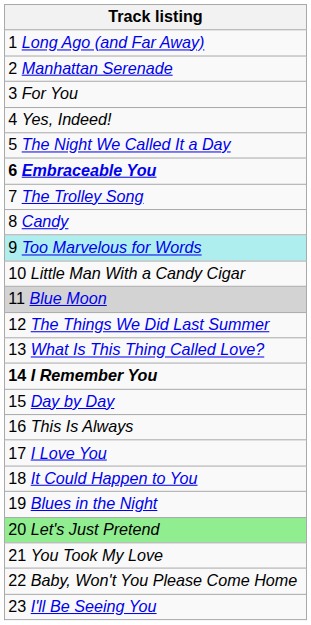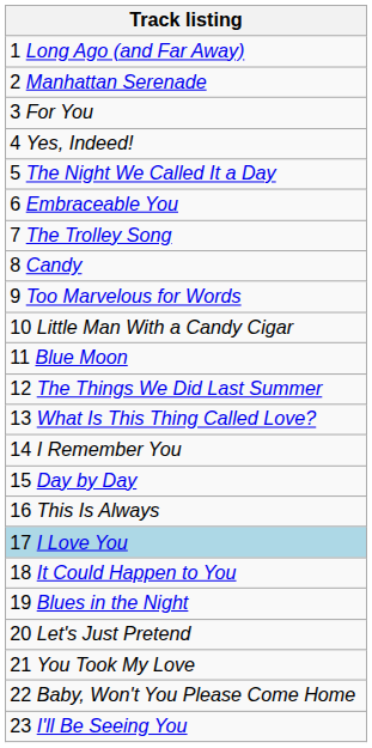 <table class="wikitable collapsible collapsed" style="width:300px;">
 <tr>
 <th>Track listing</th>
 </tr>
 <tr>
 <td>1 <em><a href='#'>Long Ago (and Far Away)</a></em></td>
 </tr>
 <tr>
 <td>2 <em><a href='#'>Manhattan Serenade</a></em></td>
 </tr>
 <tr>
 <td>3 <em>For You</em></td>
 </tr>
 <tr>
 <td>4 <em>Yes, Indeed!</em></td>
 </tr>
 <tr>
 <td>5 <em><a href='#'>The Night We Called It a Day</a></em></td>
 </tr>
 <tr>
-<td><strong>6 <em><a href='#'>Embraceable You</a></em></strong></td>
+<td>6 <em><a href='#'>Embraceable You</a></em></td>
 </tr>
 <tr>
 <td>7 <em><a href='#'>The Trolley Song</a></em></td>
 </tr>
 <tr>
 <td>8 <em><a href='#'>Candy</a></em></td>
 </tr>
 <tr>
-<td style="background: paleturquoise;">9 <em><a href='#'>Too Marvelous for Words</a></em></td>
+<td>9 <em><a href='#'>Too Marvelous for Words</a></em></td>
 </tr>
 <tr>
 <td>10 <em>Little Man With a Candy Cigar</em></td>
 </tr>
 <tr>
-<td style="background: lightgrey;">11 <em><a href='#'>Blue Moon</a></em></td>
+<td>11 <em><a href='#'>Blue Moon</a></em></td>
 </tr>
 <tr>
 <td>12 <em><a href='#'>The Things We Did Last Summer</a></em></td>
 </tr>
 <tr>
 <td>13 <em><a href='#'>What Is This Thing Called Love?</a></em></td>
 </tr>
 <tr>
-<td><strong>14 <em>I Remember You</em></strong></td>
+<td>14 <em>I Remember You</em></td>
 </tr>
 <tr>
 <td>15 <em><a href='#'>Day by Day</a></em></td>
 </tr>
 <tr>
 <td>16 <em>This Is Always</em></td>
 </tr>
 <tr>
-<td>17 <em><a href='#'>I Love You</a></em></td>
+<td style="background: lightblue;">17 <em><a href='#'>I Love You</a></em></td>
 </tr>
 <tr>
 <td>18 <em><a href='#'>It Could Happen to You</a></em></td>
 </tr>
 <tr>
 <td>19 <em><a href='#'>Blues in the Night</a></em></td>
 </tr>
 <tr>
-<td style="background: lightgreen;">20 <em>Let's Just Pretend</em></td>
+<td>20 <em>Let's Just Pretend</em></td>
 </tr>
 <tr>
 <td>21 <em>You Took My Love</em></td>
 </tr>
 <tr>
 <td>22 <em>Baby, Won't You Please Come Home</em></td>
 </tr>
 <tr>
 <td>23 <em><a href='#'>I'll Be Seeing You</a></em></td>
 </tr>
 </table>
